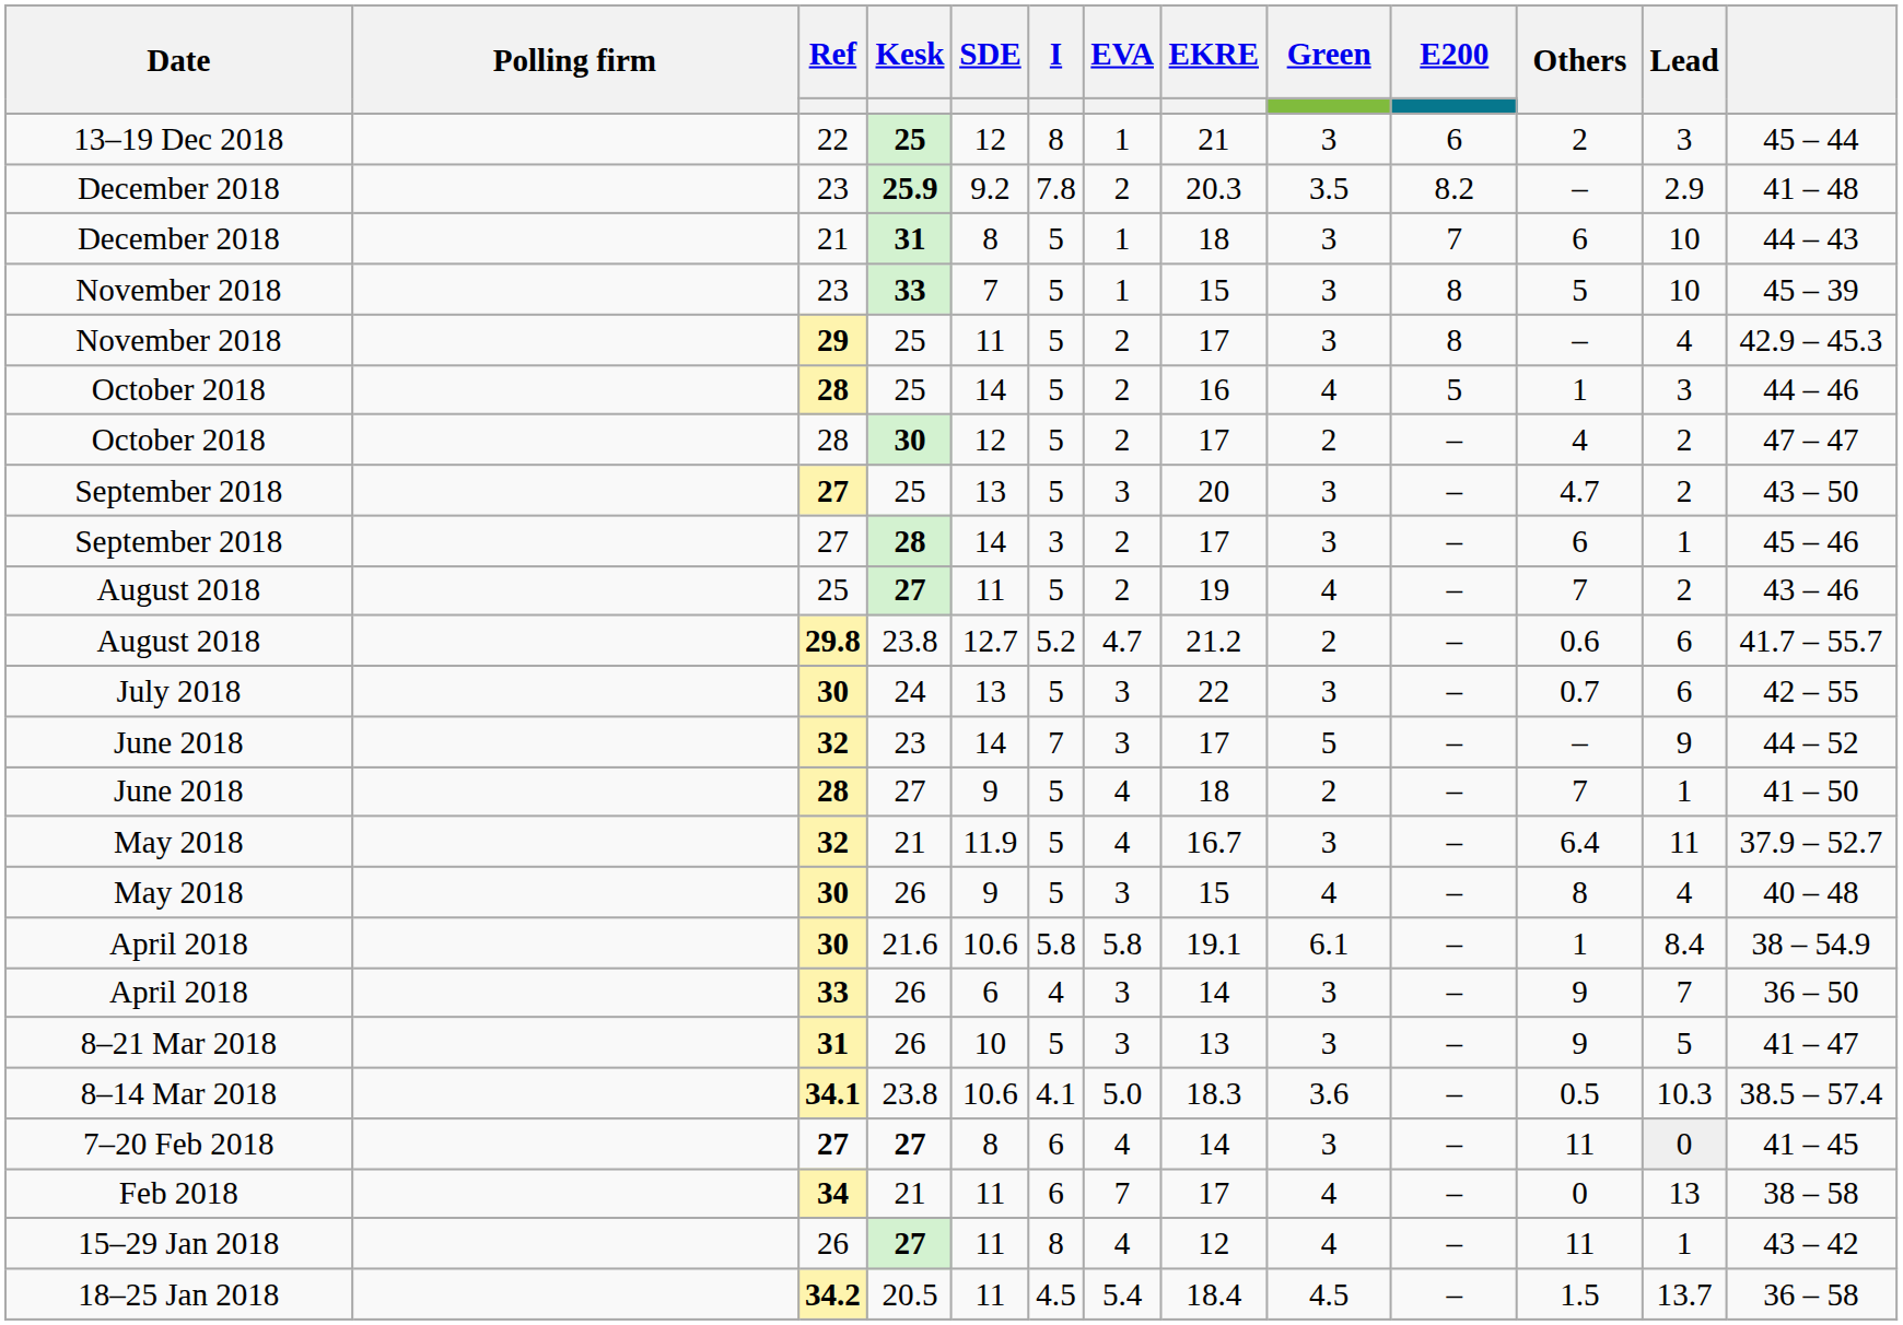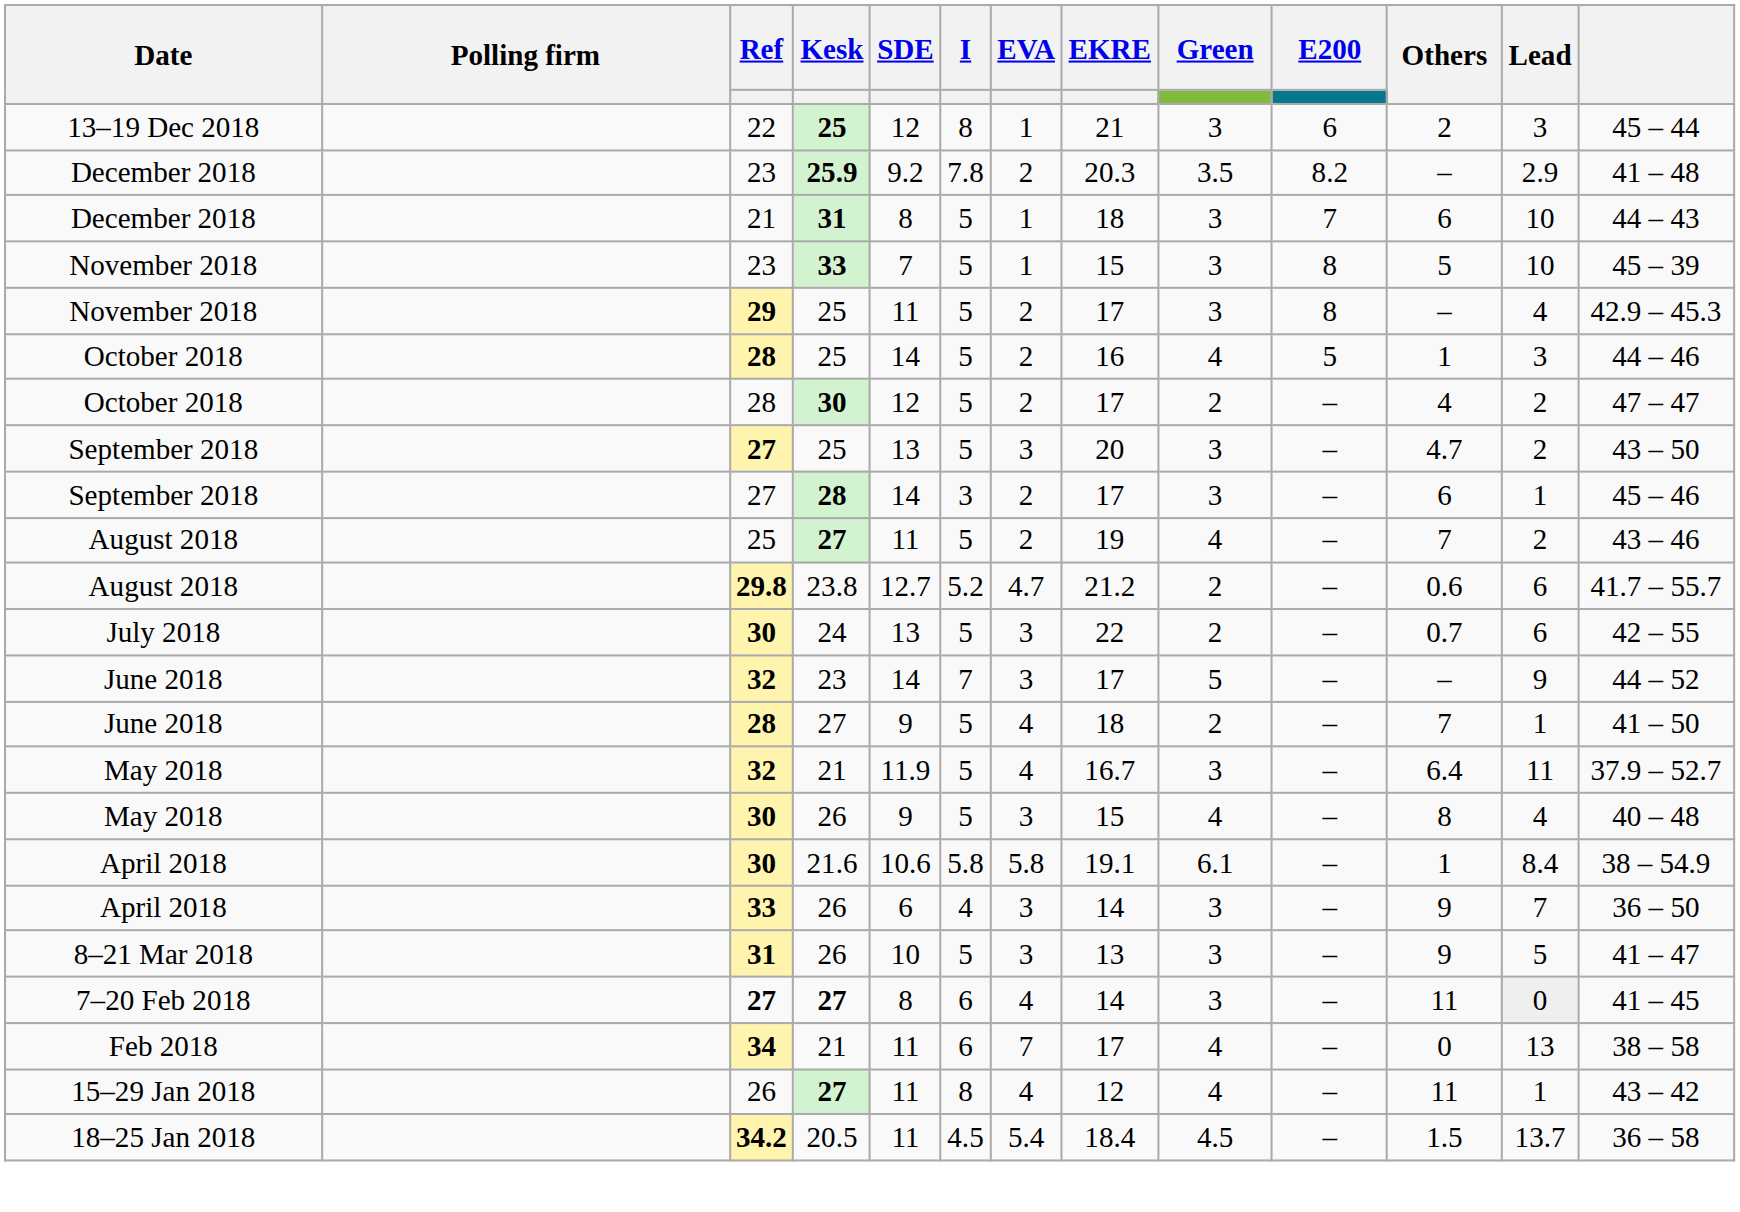 <table class="wikitable" style="text-align:center; font-size:90%; line-height:16px;">
 <tr style="height:42px;">
 <th style="width:150px;" rowspan="2">Date</th>
 <th style="width:195px;" rowspan="2">Polling firm</th>
 <th><a href='#'><span>Ref</span></a></th>
 <th><a href='#'><span>Kesk</span></a></th>
 <th><a href='#'><span>SDE</span></a></th>
 <th><a href='#'><span>I</span></a></th>
 <th><a href='#'><span>EVA</span></a></th>
 <th><a href='#'><span>EKRE</span></a></th>
 <th><a href='#'><span>Green</span></a></th>
 <th><a href='#'><span>E200</span></a></th>
 <th style="width:50px;" rowspan="2">Others</th>
 <th style="width:20px;" rowspan="2">Lead</th>
 <th style="width:70px;" rowspan="2"></th>
 </tr>
 <tr>
 <th style="background:"></th>
 <th style="background:"></th>
 <th style="background:"></th>
 <th style="background:"></th>
 <th style="background:"></th>
 <th style="background:"></th>
 <th style="background:#80BB3D; width:50px;"></th>
 <th style="background:#06778D; width:50px;"></th>
 </tr>
 <tr>
 <td>13–19 Dec 2018</td>
 <td></td>
 <td>22</td>
 <td style="background:#D3F2D0;"><strong>25</strong></td>
 <td>12</td>
 <td>8</td>
 <td>1</td>
 <td>21</td>
 <td>3</td>
 <td>6</td>
 <td>2</td>
 <td style="background:">3</td>
 <td>45 – 44</td>
 </tr>
 <tr>
 <td>December 2018</td>
 <td></td>
 <td>23</td>
 <td style="background:#D3F2D0;"><strong>25.9</strong></td>
 <td>9.2</td>
 <td>7.8</td>
 <td>2</td>
 <td>20.3</td>
 <td>3.5</td>
 <td>8.2</td>
 <td>–</td>
 <td style="background:">2.9</td>
 <td>41 – 48</td>
 </tr>
 <tr>
 <td>December 2018</td>
 <td></td>
 <td>21</td>
 <td style="background:#D3F2D0;"><strong>31</strong></td>
 <td>8</td>
 <td>5</td>
 <td>1</td>
 <td>18</td>
 <td>3</td>
 <td>7</td>
 <td>6</td>
 <td style="background:">10</td>
 <td>44 – 43</td>
 </tr>
 <tr>
 <td>November 2018</td>
 <td></td>
 <td>23</td>
 <td style="background:#D3F2D0;"><strong>33</strong></td>
 <td>7</td>
 <td>5</td>
 <td>1</td>
 <td>15</td>
 <td>3</td>
 <td>8</td>
 <td>5</td>
 <td style="background:">10</td>
 <td>45 – 39</td>
 </tr>
 <tr>
 <td>November 2018</td>
 <td></td>
 <td style="background:#FEF4AE"><strong>29</strong></td>
 <td>25</td>
 <td>11</td>
 <td>5</td>
 <td>2</td>
 <td>17</td>
 <td>3</td>
 <td>8</td>
 <td>–</td>
 <td style="background:">4</td>
 <td>42.9 – 45.3</td>
 </tr>
 <tr>
 <td>October 2018</td>
 <td></td>
 <td style="background:#FEF4AE"><strong>28</strong></td>
 <td>25</td>
 <td>14</td>
 <td>5</td>
 <td>2</td>
 <td>16</td>
 <td>4</td>
 <td>5</td>
 <td>1</td>
 <td style="background:">3</td>
 <td>44 – 46</td>
 </tr>
 <tr>
 <td>October 2018</td>
 <td></td>
 <td>28</td>
 <td style="background:#D3F2D0;"><strong>30</strong></td>
 <td>12</td>
 <td>5</td>
 <td>2</td>
 <td>17</td>
 <td>2</td>
 <td>–</td>
 <td>4</td>
 <td style="background:">2</td>
 <td>47 – 47</td>
 </tr>
 <tr>
 <td>September 2018</td>
 <td></td>
 <td style="background:#FEF4AE"><strong>27</strong></td>
 <td>25</td>
 <td>13</td>
 <td>5</td>
 <td>3</td>
 <td>20</td>
 <td>3</td>
 <td>–</td>
 <td>4.7</td>
 <td style="background:">2</td>
 <td>43 – 50</td>
 </tr>
 <tr>
 <td>September 2018</td>
 <td></td>
 <td>27</td>
 <td style="background:#D3F2D0;"><strong>28</strong></td>
 <td>14</td>
 <td>3</td>
 <td>2</td>
 <td>17</td>
 <td>3</td>
 <td>–</td>
 <td>6</td>
 <td style="background:">1</td>
 <td>45 – 46</td>
 </tr>
 <tr>
 <td>August 2018</td>
 <td></td>
 <td>25</td>
 <td style="background:#D3F2D0;"><strong>27</strong></td>
 <td>11</td>
 <td>5</td>
 <td>2</td>
 <td>19</td>
 <td>4</td>
 <td>–</td>
 <td>7</td>
 <td style="background:">2</td>
 <td>43 – 46</td>
 </tr>
 <tr>
 <td>August 2018</td>
 <td></td>
 <td style="background:#FEF4AE"><strong>29.8</strong></td>
 <td>23.8</td>
 <td>12.7</td>
 <td>5.2</td>
 <td>4.7</td>
 <td>21.2</td>
 <td>2</td>
 <td>–</td>
 <td>0.6</td>
 <td style="background:">6</td>
 <td>41.7 – 55.7</td>
 </tr>
 <tr>
 <td>July 2018</td>
 <td></td>
 <td style="background:#FEF4AE"><strong>30</strong></td>
 <td>24</td>
 <td>13</td>
 <td>5</td>
 <td>3</td>
 <td>22</td>
-<td>3</td>
+<td>2</td>
 <td>–</td>
 <td>0.7</td>
 <td style="background:">6</td>
 <td>42 – 55</td>
 </tr>
 <tr>
 <td>June 2018</td>
 <td></td>
 <td style="background:#FEF4AE"><strong>32</strong></td>
 <td>23</td>
 <td>14</td>
 <td>7</td>
 <td>3</td>
 <td>17</td>
 <td>5</td>
 <td>–</td>
 <td>–</td>
 <td style="background:">9</td>
 <td>44 – 52</td>
 </tr>
 <tr>
 <td>June 2018</td>
 <td></td>
 <td style="background:#FEF4AE"><strong>28</strong></td>
 <td>27</td>
 <td>9</td>
 <td>5</td>
 <td>4</td>
 <td>18</td>
 <td>2</td>
 <td>–</td>
 <td>7</td>
 <td style="background:">1</td>
 <td>41 – 50</td>
 </tr>
 <tr>
 <td>May 2018</td>
 <td></td>
 <td style="background:#FEF4AE"><strong>32</strong></td>
 <td>21</td>
 <td>11.9</td>
 <td>5</td>
 <td>4</td>
 <td>16.7</td>
 <td>3</td>
 <td>–</td>
 <td>6.4</td>
 <td style="background:">11</td>
 <td>37.9 – 52.7</td>
 </tr>
 <tr>
 <td>May 2018</td>
 <td></td>
 <td style="background:#FEF4AE"><strong>30</strong></td>
 <td>26</td>
 <td>9</td>
 <td>5</td>
 <td>3</td>
 <td>15</td>
 <td>4</td>
 <td>–</td>
 <td>8</td>
 <td style="background:">4</td>
 <td>40 – 48</td>
 </tr>
 <tr>
 <td>April 2018</td>
 <td></td>
 <td style="background:#FEF4AE"><strong>30</strong></td>
 <td>21.6</td>
 <td>10.6</td>
 <td>5.8</td>
 <td>5.8</td>
 <td>19.1</td>
 <td>6.1</td>
 <td>–</td>
 <td>1</td>
 <td style="background:">8.4</td>
 <td>38 – 54.9</td>
 </tr>
 <tr>
 <td>April 2018</td>
 <td></td>
 <td style="background:#FEF4AE"><strong>33</strong></td>
 <td>26</td>
 <td>6</td>
 <td>4</td>
 <td>3</td>
 <td>14</td>
 <td>3</td>
 <td>–</td>
 <td>9</td>
 <td style="background:">7</td>
 <td>36 – 50</td>
 </tr>
 <tr>
 <td>8–21 Mar 2018</td>
 <td></td>
 <td style="background:#FEF4AE"><strong>31</strong></td>
 <td>26</td>
 <td>10</td>
 <td>5</td>
 <td>3</td>
 <td>13</td>
 <td>3</td>
 <td>–</td>
 <td>9</td>
 <td style="background:">5</td>
 <td>41 – 47</td>
 </tr>
 <tr>
-<td>8–14 Mar 2018</td>
-<td></td>
-<td style="background:#FEF4AE"><strong>34.1</strong></td>
-<td>23.8</td>
-<td>10.6</td>
-<td>4.1</td>
-<td>5.0</td>
-<td>18.3</td>
-<td>3.6</td>
-<td>–</td>
-<td>0.5</td>
-<td style="background:">10.3</td>
-<td>38.5 – 57.4</td>
-</tr>
-<tr>
 <td>7–20 Feb 2018</td>
 <td></td>
 <td><strong>27</strong></td>
 <td><strong>27</strong></td>
 <td>8</td>
 <td>6</td>
 <td>4</td>
 <td>14</td>
 <td>3</td>
 <td>–</td>
 <td>11</td>
 <td style="background:#EFEFEF;">0</td>
 <td>41 – 45</td>
 </tr>
 <tr>
 <td>Feb 2018</td>
 <td></td>
 <td style="background:#FEF4AE"><strong>34</strong></td>
 <td>21</td>
 <td>11</td>
 <td>6</td>
 <td>7</td>
 <td>17</td>
 <td>4</td>
 <td>–</td>
 <td>0</td>
 <td style="background:">13</td>
 <td>38 – 58</td>
 </tr>
 <tr>
 <td>15–29 Jan 2018</td>
 <td></td>
 <td>26</td>
 <td style="background:#D3F2D0;"><strong>27</strong></td>
 <td>11</td>
 <td>8</td>
 <td>4</td>
 <td>12</td>
 <td>4</td>
 <td>–</td>
 <td>11</td>
 <td style="background:">1</td>
 <td>43 – 42</td>
 </tr>
 <tr>
 <td>18–25 Jan 2018</td>
 <td></td>
 <td style="background:#FEF4AE"><strong>34.2</strong></td>
 <td>20.5</td>
 <td>11</td>
 <td>4.5</td>
 <td>5.4</td>
 <td>18.4</td>
 <td>4.5</td>
 <td>–</td>
 <td>1.5</td>
 <td style="background:">13.7</td>
 <td>36 – 58</td>
 </tr>
 </table>
